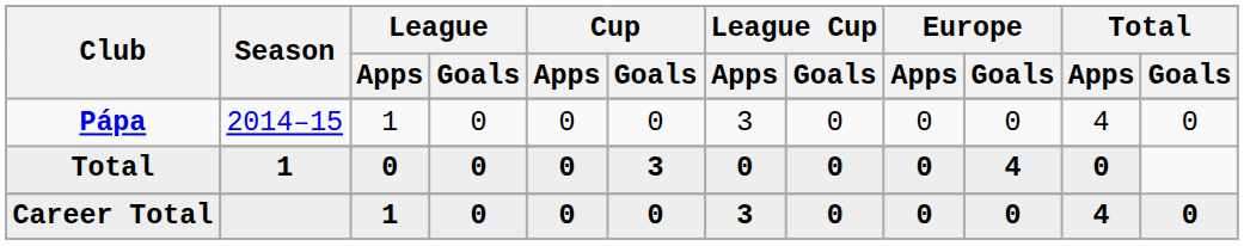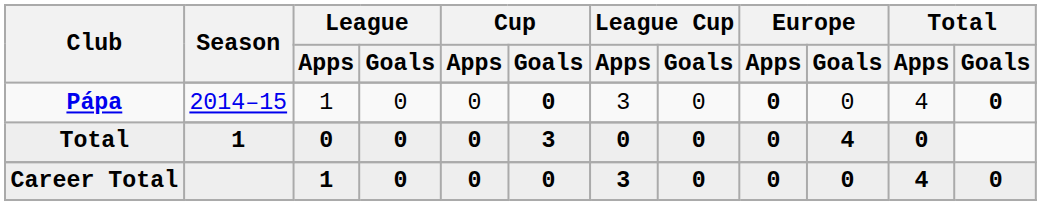 <table class="wikitable" style="font-size:90%; text-align: center;">
 <tr>
 <th rowspan="2">Club</th>
 <th rowspan="2">Season</th>
 <th colspan="2">League</th>
 <th colspan="2">Cup</th>
 <th colspan="2">League Cup</th>
 <th colspan="2">Europe</th>
 <th colspan="2">Total</th>
 </tr>
 <tr>
 <th>Apps</th>
 <th>Goals</th>
 <th>Apps</th>
 <th>Goals</th>
 <th>Apps</th>
 <th>Goals</th>
 <th>Apps</th>
 <th>Goals</th>
 <th>Apps</th>
 <th>Goals</th>
 </tr>
 <tr ||-||-||-|->
 <td rowspan="3" valign="center"><strong><a href='#'>Pápa</a></strong></td>
 </tr>
 <tr>
 <td><a href='#'>2014–15</a></td>
 <td>1</td>
 <td>0</td>
 <td>0</td>
-<td>0</td>
+<td><strong>0</strong></td>
 <td>3</td>
 <td>0</td>
-<td>0</td>
+<td><strong>0</strong></td>
 <td>0</td>
 <td>4</td>
-<td>0</td>
+<td><strong>0</strong></td>
 </tr>
 <tr>
 </tr>
 <tr style="font-weight:bold; background-color:#eeeeee;">
 <td>Total</td>
 <td>1</td>
 <td>0</td>
 <td>0</td>
 <td>0</td>
 <td>3</td>
 <td>0</td>
 <td>0</td>
 <td>0</td>
 <td>4</td>
 <td>0</td>
 </tr>
 <tr>
 </tr>
 <tr style="font-weight:bold; background-color:#eeeeee;">
 <td rowspan="2" valign="top"><strong>Career Total</strong></td>
 <td></td>
 <td><strong>1</strong></td>
 <td><strong>0</strong></td>
 <td><strong>0</strong></td>
 <td><strong>0</strong></td>
 <td><strong>3</strong></td>
 <td><strong>0</strong></td>
 <td><strong>0</strong></td>
 <td><strong>0</strong></td>
 <td><strong>4</strong></td>
 <td><strong>0</strong></td>
 </tr>
 </table>
